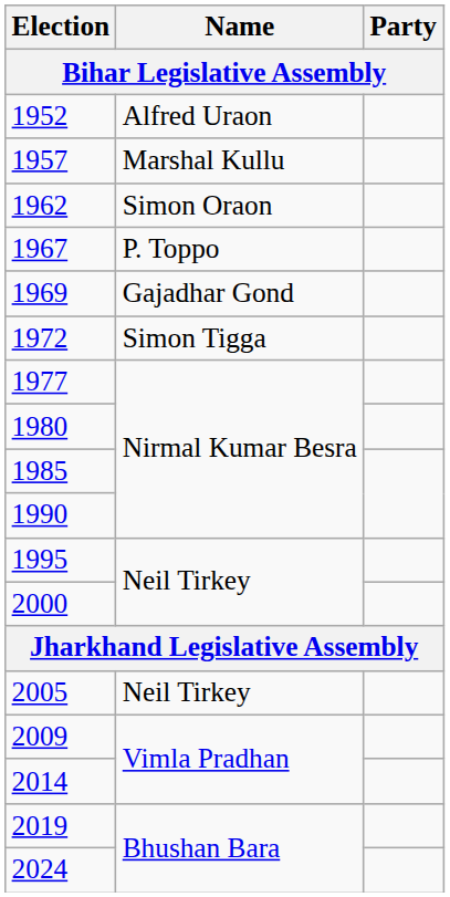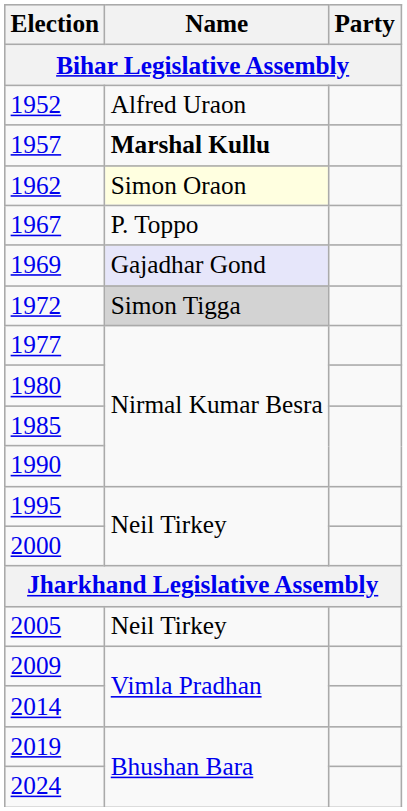 <table class="wikitable sortable">
 <tr>
 <th>Election</th>
 <th>Name</th>
 <th colspan=2>Party</th>
 </tr>
 <tr>
 <th colspan=4><a href='#'>Bihar Legislative Assembly</a></th>
 </tr>
 <tr>
 <td><a href='#'>1952</a></td>
 <td>Alfred Uraon</td>
 <td></td>
 </tr>
 <tr>
 <td><a href='#'>1957</a></td>
-<td>Marshal Kullu</td>
+<td><strong>Marshal Kullu</strong></td>
 </tr>
 <tr>
 <td><a href='#'>1962</a></td>
-<td>Simon Oraon</td>
+<td style="background: lightyellow;">Simon Oraon</td>
 <td></td>
 </tr>
 <tr>
 <td><a href='#'>1967</a></td>
 <td>P. Toppo</td>
 <td></td>
 </tr>
 <tr>
 <td><a href='#'>1969</a></td>
-<td>Gajadhar Gond</td>
+<td style="background: lavender;">Gajadhar Gond</td>
 <td></td>
 </tr>
 <tr>
 <td><a href='#'>1972</a></td>
-<td>Simon Tigga</td>
+<td style="background: lightgrey;">Simon Tigga</td>
 <td></td>
 </tr>
 <tr>
 <td><a href='#'>1977</a></td>
 <td rowspan=4>Nirmal Kumar Besra</td>
 <td></td>
 </tr>
 <tr>
 <td><a href='#'>1980</a></td>
 <td></td>
 </tr>
 <tr>
 <td><a href='#'>1985</a></td>
 </tr>
 <tr>
 <td><a href='#'>1990</a></td>
 </tr>
 <tr>
 <td><a href='#'>1995</a></td>
 <td rowspan=2>Neil Tirkey</td>
 <td></td>
 </tr>
 <tr>
 <td><a href='#'>2000</a></td>
 <td></td>
 </tr>
 <tr>
 <th colspan=4><a href='#'>Jharkhand Legislative Assembly</a></th>
 </tr>
 <tr>
 <td><a href='#'>2005</a></td>
 <td>Neil Tirkey</td>
 <td></td>
 </tr>
 <tr>
 <td><a href='#'>2009</a></td>
 <td rowspan="2"><a href='#'>Vimla Pradhan</a></td>
 <td></td>
 </tr>
 <tr>
 <td><a href='#'>2014</a></td>
 </tr>
 <tr>
 <td><a href='#'>2019</a></td>
 <td rowspan=2><a href='#'>Bhushan Bara</a></td>
 <td></td>
 </tr>
 <tr>
 <td><a href='#'>2024</a></td>
 </tr>
 </table>
